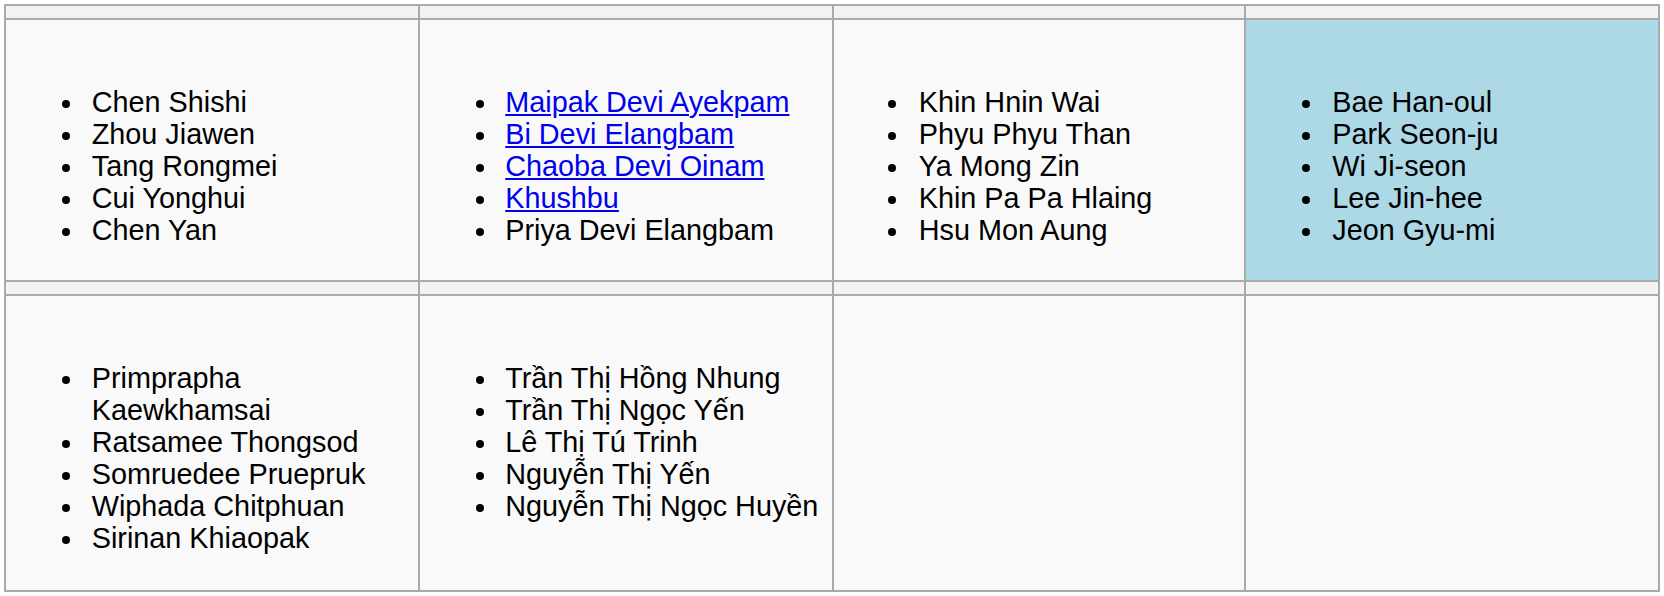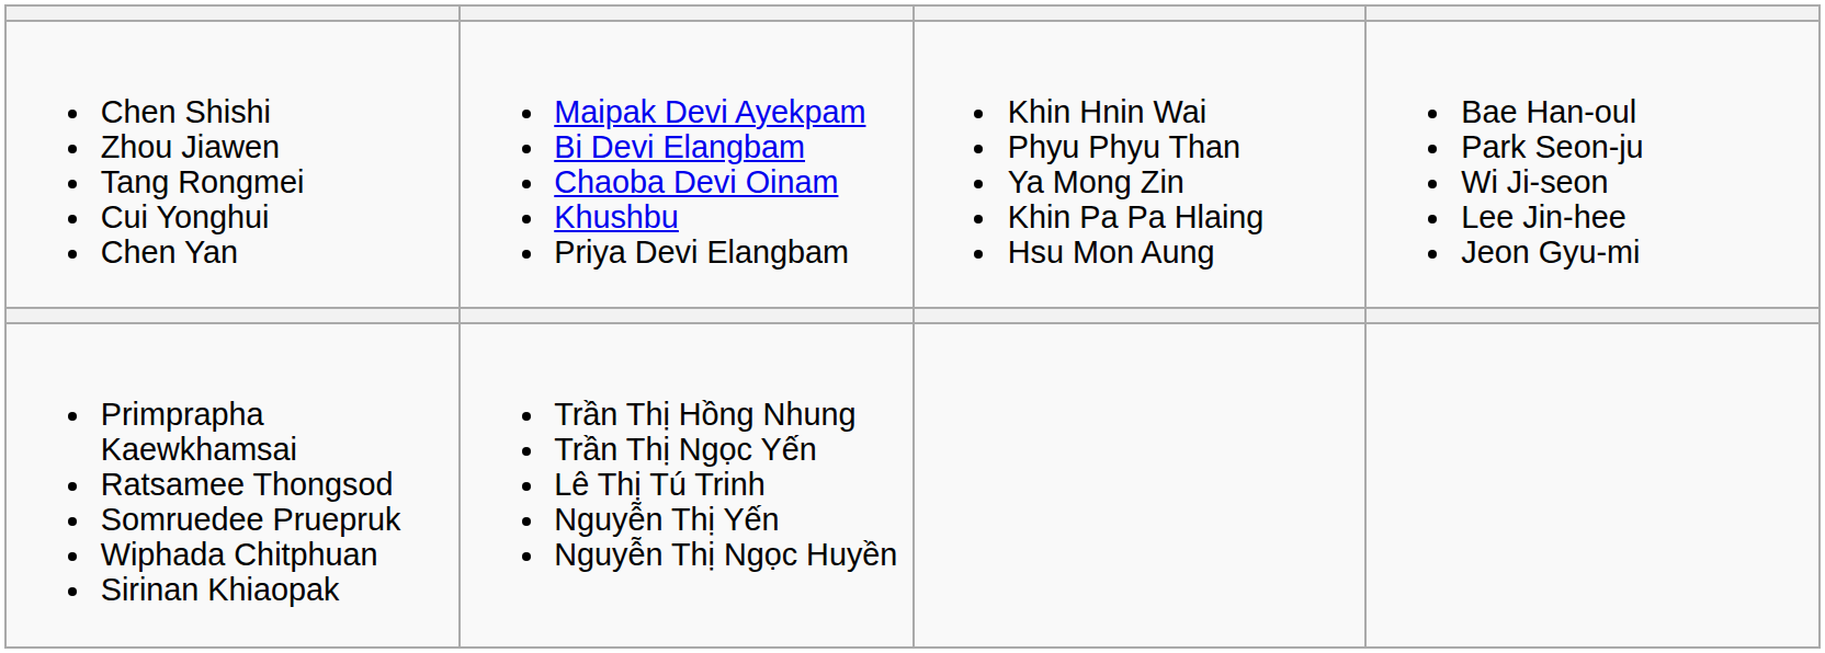 <table class="wikitable" style="font-size:90%">
 <tr>
 <th width=200></th>
 <th width=200></th>
 <th width=200></th>
 <th width=200></th>
 </tr>
 <tr>
 <td valign=top><br><ul><li>Chen Shishi</li><li>Zhou Jiawen</li><li>Tang Rongmei</li><li>Cui Yonghui</li><li>Chen Yan</li></ul></td>
 <td valign=top><br><ul><li><a href='#'>Maipak Devi Ayekpam</a></li><li><a href='#'>Bi Devi Elangbam</a></li><li><a href='#'>Chaoba Devi Oinam</a></li><li><a href='#'>Khushbu</a></li><li>Priya Devi Elangbam</li></ul></td>
 <td valign=top><br><ul><li>Khin Hnin Wai</li><li>Phyu Phyu Than</li><li>Ya Mong Zin</li><li>Khin Pa Pa Hlaing</li><li>Hsu Mon Aung</li></ul></td>
-<td valign=top style="background: lightblue;"><br><ul><li>Bae Han-oul</li><li>Park Seon-ju</li><li>Wi Ji-seon</li><li>Lee Jin-hee</li><li>Jeon Gyu-mi</li></ul></td>
+<td valign=top><br><ul><li>Bae Han-oul</li><li>Park Seon-ju</li><li>Wi Ji-seon</li><li>Lee Jin-hee</li><li>Jeon Gyu-mi</li></ul></td>
 </tr>
 <tr>
 <th></th>
 <th></th>
 <th></th>
 <th></th>
 </tr>
 <tr>
 <td valign=top><br><ul><li>Primprapha Kaewkhamsai</li><li>Ratsamee Thongsod</li><li>Somruedee Pruepruk</li><li>Wiphada Chitphuan</li><li>Sirinan Khiaopak</li></ul></td>
 <td valign=top><br><ul><li>Trần Thị Hồng Nhung</li><li>Trần Thị Ngọc Yến</li><li>Lê Thị Tú Trinh</li><li>Nguyễn Thị Yến</li><li>Nguyễn Thị Ngọc Huyền</li></ul></td>
 <td valign=top></td>
 <td valign=top></td>
 </tr>
 </table>
